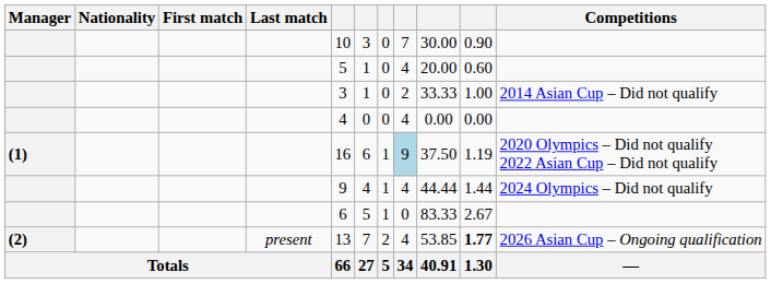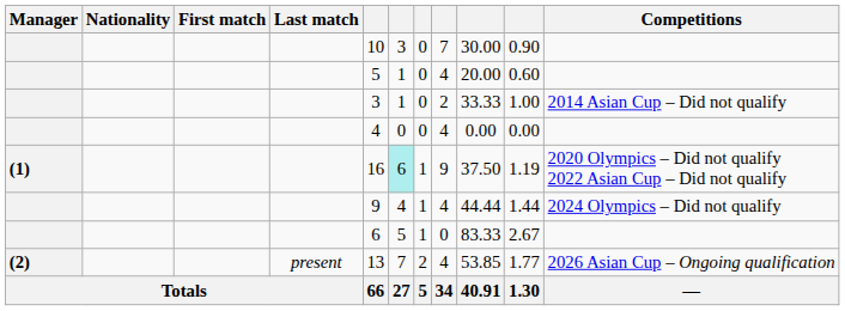 <table class="wikitable sortable plainrowheaders" style="text-align:center;">
 <tr>
 <th scope=col>Manager</th>
 <th scope=col>Nationality</th>
 <th scope=col>First match</th>
 <th scope=col>Last match</th>
 <th scope=col></th>
 <th scope=col></th>
 <th scope=col></th>
 <th scope=col></th>
 <th scope=col></th>
 <th scope=col></th>
 <th scope=col>Competitions</th>
 </tr>
 <tr>
 <th scope="row" style="text-align: left;"></th>
 <td style="text-align: left;"></td>
 <td></td>
 <td></td>
 <td>10</td>
 <td>3</td>
 <td>0</td>
 <td>7</td>
 <td>30.00</td>
 <td>0.90</td>
 <td style="text-align: left;"></td>
 </tr>
 <tr>
 <th scope="row" style="text-align: left;"></th>
 <td style="text-align: left;"></td>
 <td></td>
 <td></td>
 <td>5</td>
 <td>1</td>
 <td>0</td>
 <td>4</td>
 <td>20.00</td>
 <td>0.60</td>
 <td style="text-align: left;"></td>
 </tr>
 <tr>
 <th scope="row" style="text-align: left;"></th>
 <td style="text-align: left;"></td>
 <td></td>
 <td></td>
 <td>3</td>
 <td>1</td>
 <td>0</td>
 <td>2</td>
 <td>33.33</td>
 <td>1.00</td>
 <td style="text-align: left;"><a href='#'>2014 Asian Cup</a> – Did not qualify</td>
 </tr>
 <tr>
 <th scope="row" style="text-align: left;"></th>
 <td style="text-align: left;"></td>
 <td></td>
 <td></td>
 <td>4</td>
 <td>0</td>
 <td>0</td>
 <td>4</td>
 <td>0.00</td>
 <td>0.00</td>
 <td style="text-align: left;"></td>
 </tr>
 <tr>
 <th scope="row" style="text-align: left;"> (1)</th>
 <td style="text-align: left;"></td>
 <td></td>
 <td></td>
 <td>16</td>
-<td>6</td>
+<td style="background: paleturquoise;">6</td>
 <td>1</td>
-<td style="background: lightblue;">9</td>
+<td>9</td>
 <td>37.50</td>
 <td>1.19</td>
 <td style="text-align: left;"><a href='#'>2020 Olympics</a> – Did not qualify<br><a href='#'>2022 Asian Cup</a> – Did not qualify</td>
 </tr>
 <tr>
 <th scope="row" style="text-align: left;"></th>
 <td style="text-align: left;"></td>
 <td></td>
 <td></td>
 <td>9</td>
 <td>4</td>
 <td>1</td>
 <td>4</td>
 <td>44.44</td>
 <td>1.44</td>
 <td style="text-align: left;"><a href='#'>2024 Olympics</a> – Did not qualify</td>
 </tr>
 <tr>
 <th scope="row" style="text-align: left;"></th>
 <td style="text-align: left;"></td>
 <td></td>
 <td></td>
 <td>6</td>
 <td>5</td>
 <td>1</td>
 <td>0</td>
 <td>83.33</td>
 <td>2.67</td>
 <td style="text-align: left;"></td>
 </tr>
 <tr>
 <th scope="row" style="text-align: left;"> (2)</th>
 <td style="text-align: left;"></td>
 <td></td>
 <td><em>present</em></td>
 <td>13</td>
 <td>7</td>
 <td>2</td>
 <td>4</td>
 <td>53.85</td>
-<td><strong>1.77</strong></td>
+<td>1.77</td>
 <td style="text-align: left;"><a href='#'>2026 Asian Cup</a> – <em>Ongoing qualification</em></td>
 </tr>
 <tr>
 <th colspan="4">Totals</th>
 <th>66</th>
 <th>27</th>
 <th>5</th>
 <th>34</th>
 <th>40.91</th>
 <th>1.30</th>
 <th>—</th>
 </tr>
 </table>
